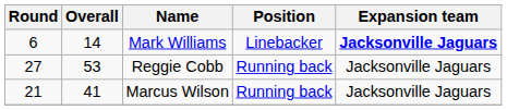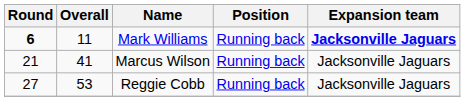 <table class="wikitable" style="text-align:center">
 <tr>
 <th>Round</th>
 <th>Overall</th>
 <th>Name</th>
 <th>Position</th>
 <th>Expansion team</th>
 </tr>
 <tr>
-<td>6</td>
-<td>14</td>
+<td><strong>6</strong></td>
+<td>11</td>
 <td><a href='#'>Mark Williams</a></td>
-<td><a href='#'>Linebacker</a></td>
+<td><a href='#'>Running back</a></td>
 <td><strong><a href='#'>Jacksonville Jaguars</a></strong></td>
+</tr>
+<tr>
+<td>21</td>
+<td>41</td>
+<td>Marcus Wilson</td>
+<td><a href='#'>Running back</a></td>
+<td>Jacksonville Jaguars</td>
 </tr>
 <tr>
 <td>27</td>
 <td>53</td>
 <td>Reggie Cobb</td>
 <td><a href='#'>Running back</a></td>
 <td>Jacksonville Jaguars</td>
 </tr>
 <tr>
-<td>21</td>
-<td>41</td>
-<td>Marcus Wilson</td>
-<td><a href='#'>Running back</a></td>
-<td>Jacksonville Jaguars</td>
-</tr>
-<tr>
 </tr>
 </table>
